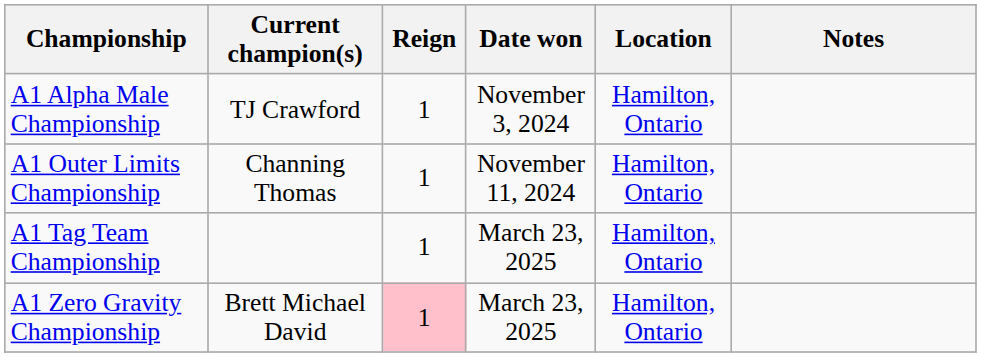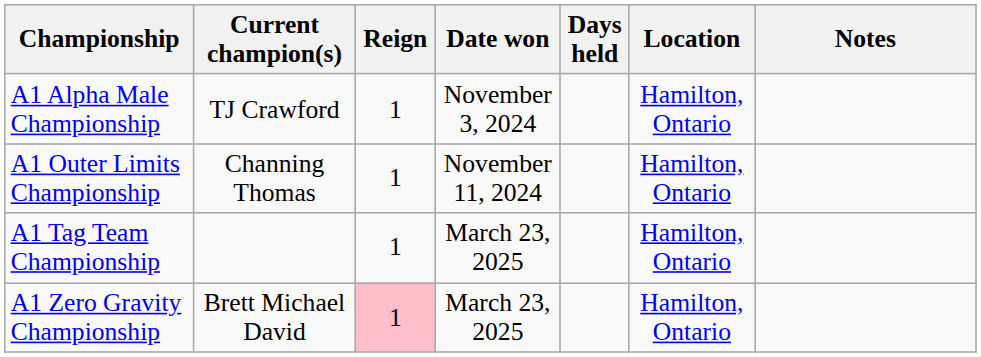 <table class="wikitable" style="text-align: center;">
 <tr>
 <th style="width: 12%">Championship</th>
 <th style="width: 11%">Current champion(s)</th>
 <th style="width: 3%">Reign</th>
 <th style="width: 4%">Date won</th>
+<th style="width: 2%">Days<br>held</th>
 <th style="width: 8%">Location</th>
 <th style="width: 20%">Notes</th>
 </tr>
 <tr>
 <td align=left><a href='#'>A1 Alpha Male Championship</a></td>
 <td>TJ Crawford</td>
 <td>1</td>
 <td>November 3, 2024</td>
+<td></td>
 <td><a href='#'>Hamilton, Ontario</a></td>
 <td align=left></td>
 </tr>
 <tr>
 <td align=left><a href='#'>A1 Outer Limits Championship</a></td>
 <td>Channing Thomas</td>
 <td>1</td>
 <td>November 11, 2024</td>
+<td></td>
 <td><a href='#'>Hamilton, Ontario</a></td>
 <td align=left></td>
 </tr>
 <tr>
 <td align=left><a href='#'>A1 Tag Team Championship</a></td>
 <td></td>
 <td>1</td>
 <td>March 23, 2025</td>
+<td></td>
 <td><a href='#'>Hamilton, Ontario</a></td>
 <td align=left></td>
 </tr>
 <tr>
 <td align=left><a href='#'>A1 Zero Gravity Championship</a></td>
 <td>Brett Michael David</td>
 <td style="background: pink;">1</td>
 <td>March 23, 2025</td>
+<td></td>
 <td><a href='#'>Hamilton, Ontario</a></td>
 <td align=left></td>
 </tr>
 </table>
